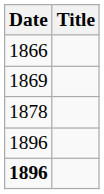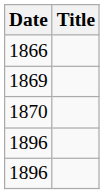 <table class="wikitable">
 <tr>
 <th>Date</th>
 <th>Title</th>
 </tr>
 <tr>
 <td>1866</td>
 <td></td>
 </tr>
 <tr>
 <td>1869</td>
 <td></td>
 </tr>
 <tr>
-<td>1878</td>
+<td>1870</td>
 <td></td>
 </tr>
 <tr>
 <td>1896</td>
 <td></td>
 </tr>
 <tr>
-<td><strong>1896</strong></td>
+<td>1896</td>
 <td></td>
 </tr>
 </table>
